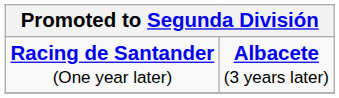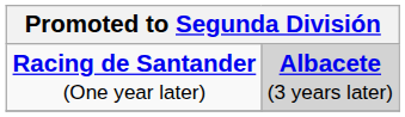 <table class="wikitable" style="text-align: center; margin: 0 auto;">
 <tr>
 <th colspan=2>Promoted to <a href='#'>Segunda División</a></th>
 </tr>
 <tr>
 <td><strong><a href='#'>Racing de Santander</a></strong><br><small>(One year later)</small></td>
-<td><strong><a href='#'>Albacete</a></strong><br><small>(3 years later)</small></td>
+<td style="background: lightgrey;"><strong><a href='#'>Albacete</a></strong><br><small>(3 years later)</small></td>
 </tr>
 <tr>
 </tr>
 </table>
